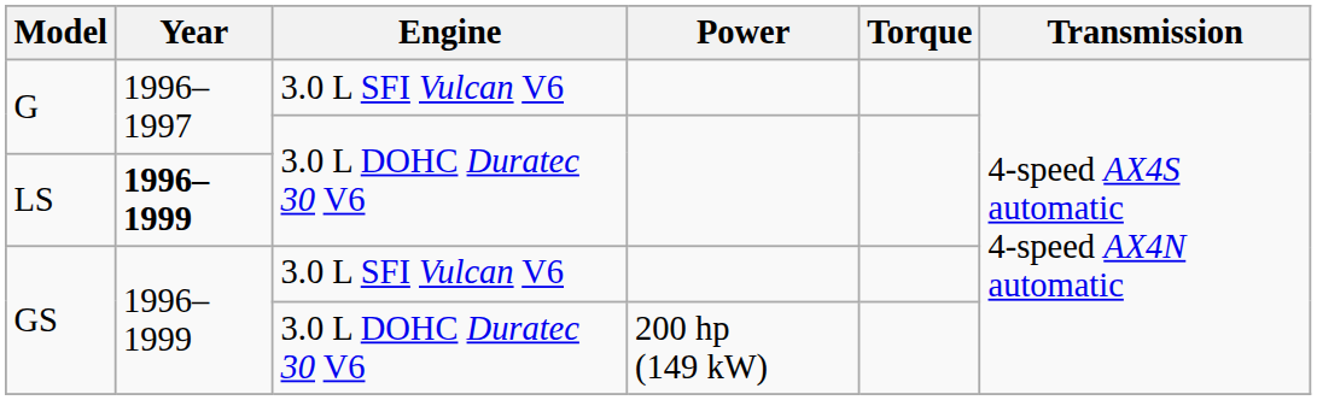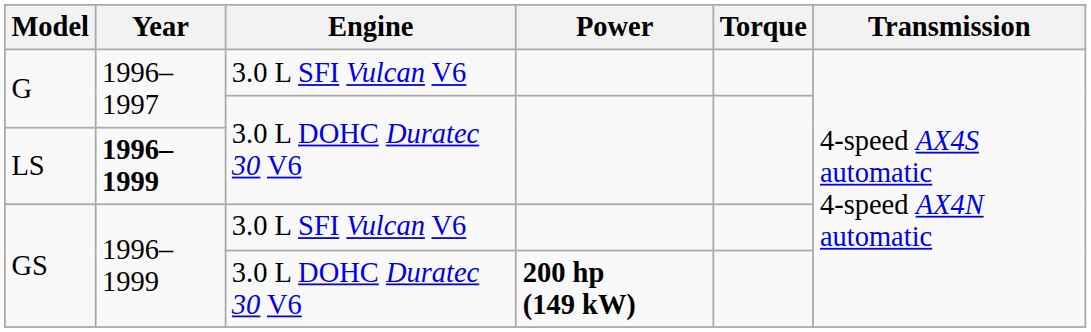 <table class=wikitable>
 <tr>
 <th>Model</th>
 <th>Year</th>
 <th>Engine</th>
 <th>Power</th>
 <th>Torque</th>
 <th>Transmission</th>
 </tr>
 <tr>
 <td rowspan=2>G<br></td>
 <td rowspan=2>1996–1997</td>
 <td>3.0 L <a href='#'>SFI</a> <em><a href='#'>Vulcan</a></em> <a href='#'>V6</a></td>
 <td></td>
 <td></td>
 <td rowspan="5">4-speed <em><a href='#'>AX4S</a></em> <a href='#'>automatic</a><br>4-speed <em><a href='#'>AX4N</a></em> <a href='#'>automatic</a></td>
 </tr>
 <tr>
 <td rowspan=2>3.0 L <a href='#'>DOHC</a> <em><a href='#'>Duratec 30</a></em> <a href='#'>V6</a></td>
 <td rowspan=2></td>
 <td rowspan="2"></td>
 </tr>
 <tr>
 <td>LS</td>
 <td><strong>1996–1999</strong></td>
 </tr>
 <tr>
 <td rowspan=2>GS</td>
 <td rowspan=2>1996–1999</td>
 <td>3.0 L <a href='#'>SFI</a> <em><a href='#'>Vulcan</a></em> <a href='#'>V6</a></td>
 <td></td>
 <td></td>
 </tr>
 <tr>
 <td>3.0 L <a href='#'>DOHC</a> <em><a href='#'>Duratec 30</a></em> <a href='#'>V6</a></td>
-<td>200 hp (149 kW)</td>
+<td><strong>200 hp (149 kW)</strong></td>
 <td></td>
 </tr>
 </table>
